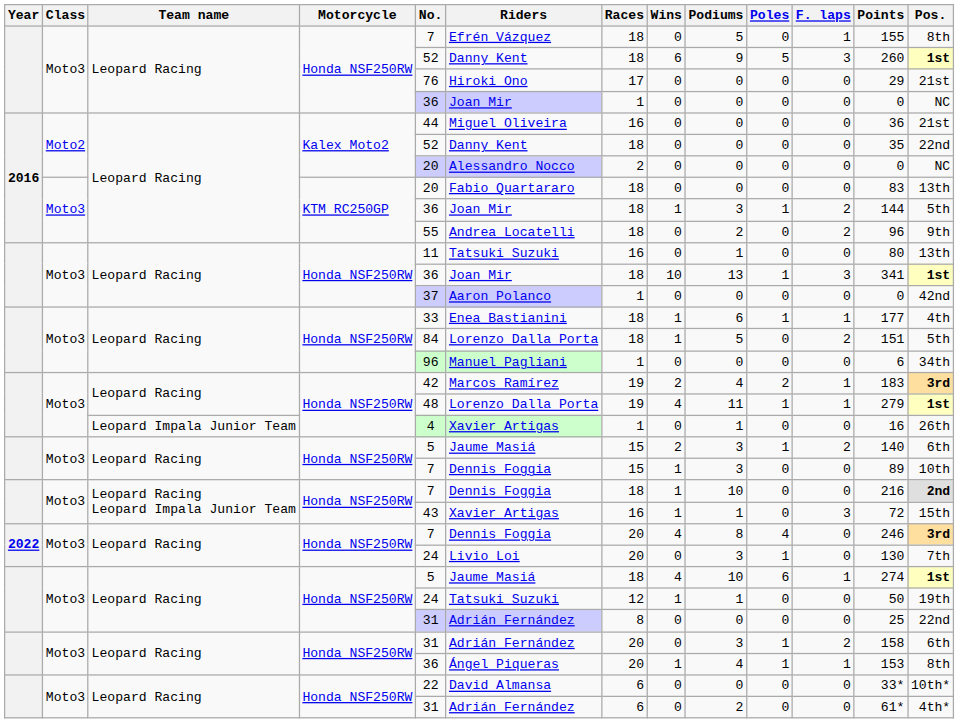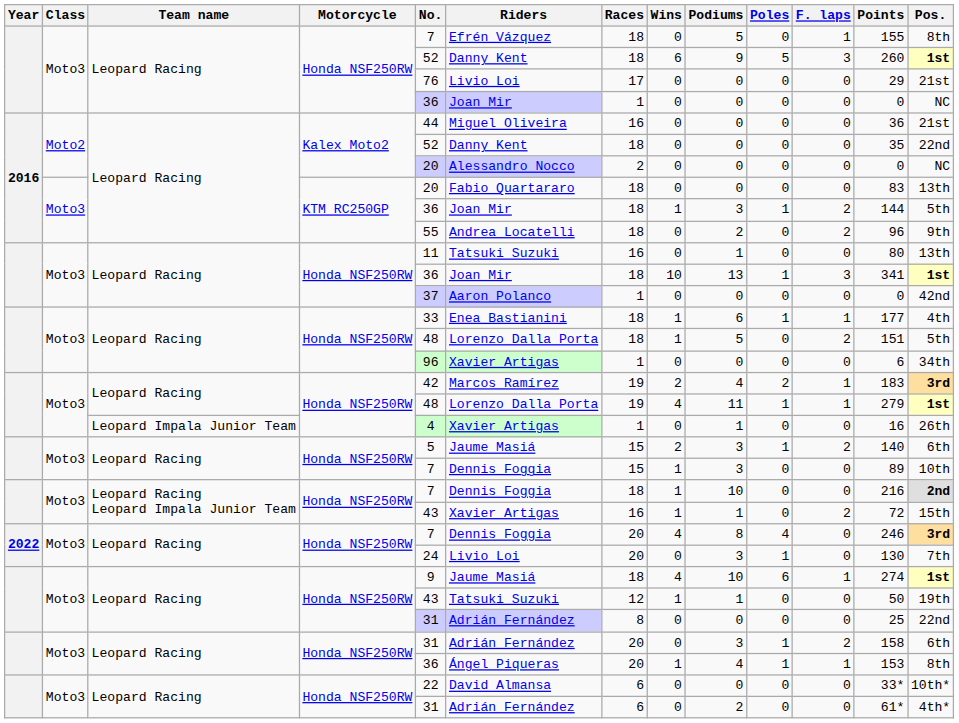 <table class="wikitable" style="text-align:right; font-size:80%;">
 <tr>
 <th scope="col">Year</th>
 <th scope="col">Class</th>
 <th scope="col">Team name</th>
 <th scope="col">Motorcycle</th>
 <th scope="col">No.</th>
 <th scope="col">Riders</th>
 <th scope="col">Races</th>
 <th scope="col">Wins</th>
 <th scope="col">Podiums</th>
 <th scope="col"><a href='#'>Poles</a></th>
 <th scope="col"><a href='#'>F. laps</a></th>
 <th scope="col">Points</th>
 <th scope="col">Pos.</th>
 </tr>
 <tr>
 <th scope="row" rowspan="4"></th>
 <td style="text-align:left;" rowspan="4">Moto3</td>
 <td style="text-align:left;" rowspan="4">Leopard Racing</td>
 <td style="text-align:left;" rowspan="4"><a href='#'>Honda NSF250RW</a></td>
 <td style="text-align:center;">7</td>
 <td style="text-align:left;"> <a href='#'>Efrén Vázquez</a></td>
 <td>18</td>
 <td>0</td>
 <td>5</td>
 <td>0</td>
 <td>1</td>
 <td>155</td>
 <td>8th</td>
 </tr>
 <tr>
 <td style="text-align:center;">52</td>
 <td style="text-align:left;"> <a href='#'>Danny Kent</a></td>
 <td>18</td>
 <td>6</td>
 <td>9</td>
 <td>5</td>
 <td>3</td>
 <td>260</td>
 <td style="background:#FFFFBF;"><strong>1st</strong></td>
 </tr>
 <tr>
 <td style="text-align:center;">76</td>
-<td style="text-align:left;"> <a href='#'>Hiroki Ono</a></td>
+<td style="text-align:left;"> <a href='#'>Livio Loi</a></td>
 <td>17</td>
 <td>0</td>
 <td>0</td>
 <td>0</td>
 <td>0</td>
 <td>29</td>
 <td>21st</td>
 </tr>
 <tr>
 <td style="background:#ccccff; text-align:center;">36</td>
 <td style="background:#ccccff; text-align:left;"> <a href='#'>Joan Mir</a></td>
 <td>1</td>
 <td>0</td>
 <td>0</td>
 <td>0</td>
 <td>0</td>
 <td>0</td>
 <td>NC</td>
 </tr>
 <tr>
 <th scope="row" rowspan="6">2016</th>
 <td style="text-align:left;" rowspan="3"><a href='#'>Moto2</a></td>
 <td style="text-align:left;" rowspan="6">Leopard Racing</td>
 <td style="text-align:left;" rowspan="3"><a href='#'>Kalex Moto2</a></td>
 <td style="text-align:center;">44</td>
 <td style="text-align:left;"> <a href='#'>Miguel Oliveira</a></td>
 <td>16</td>
 <td>0</td>
 <td>0</td>
 <td>0</td>
 <td>0</td>
 <td>36</td>
 <td>21st</td>
 </tr>
 <tr>
 <td style="text-align:center;">52</td>
 <td style="text-align:left;"> <a href='#'>Danny Kent</a></td>
 <td>18</td>
 <td>0</td>
 <td>0</td>
 <td>0</td>
 <td>0</td>
 <td>35</td>
 <td>22nd</td>
 </tr>
 <tr>
 <td style="background:#ccccff; text-align:center;">20</td>
 <td style="background:#ccccff; text-align:left;"> <a href='#'>Alessandro Nocco</a></td>
 <td>2</td>
 <td>0</td>
 <td>0</td>
 <td>0</td>
 <td>0</td>
 <td>0</td>
 <td>NC</td>
 </tr>
 <tr>
 <td style="text-align:left;" rowspan="3"><a href='#'>Moto3</a></td>
 <td style="text-align:left;" rowspan="3"><a href='#'>KTM RC250GP</a></td>
 <td style="text-align:center;">20</td>
 <td style="text-align:left;"> <a href='#'>Fabio Quartararo</a></td>
 <td>18</td>
 <td>0</td>
 <td>0</td>
 <td>0</td>
 <td>0</td>
 <td>83</td>
 <td>13th</td>
 </tr>
 <tr>
 <td style="text-align:center;">36</td>
 <td style="text-align:left;"> <a href='#'>Joan Mir</a></td>
 <td>18</td>
 <td>1</td>
 <td>3</td>
 <td>1</td>
 <td>2</td>
 <td>144</td>
 <td>5th</td>
 </tr>
 <tr>
 <td style="text-align:center;">55</td>
 <td style="text-align:left;"> <a href='#'>Andrea Locatelli</a></td>
 <td>18</td>
 <td>0</td>
 <td>2</td>
 <td>0</td>
 <td>2</td>
 <td>96</td>
 <td>9th</td>
 </tr>
 <tr>
 <th scope="row" rowspan="3"></th>
 <td style="text-align:left;" rowspan="3">Moto3</td>
 <td style="text-align:left;" rowspan="3">Leopard Racing</td>
 <td style="text-align:left;" rowspan="3"><a href='#'>Honda NSF250RW</a></td>
 <td style="text-align:center;">11</td>
 <td style="text-align:left;"> <a href='#'>Tatsuki Suzuki</a></td>
 <td>16</td>
 <td>0</td>
 <td>1</td>
 <td>0</td>
 <td>0</td>
 <td>80</td>
 <td>13th</td>
 </tr>
 <tr>
 <td style="text-align:center;">36</td>
 <td style="text-align:left;"> <a href='#'>Joan Mir</a></td>
 <td>18</td>
 <td>10</td>
 <td>13</td>
 <td>1</td>
 <td>3</td>
 <td>341</td>
 <td style="background:#ffffbf;"><strong>1st</strong></td>
 </tr>
 <tr>
 <td style="background:#ccccff; text-align:center;">37</td>
 <td style="background:#ccccff; text-align:left;"> <a href='#'>Aaron Polanco</a></td>
 <td>1</td>
 <td>0</td>
 <td>0</td>
 <td>0</td>
 <td>0</td>
 <td>0</td>
 <td>42nd</td>
 </tr>
 <tr>
 <th scope="row" rowspan="3"></th>
 <td style="text-align:left;" rowspan="3">Moto3</td>
 <td style="text-align:left;" rowspan="3">Leopard Racing</td>
 <td style="text-align:left;" rowspan="3"><a href='#'>Honda NSF250RW</a></td>
 <td style="text-align:center;">33</td>
 <td style="text-align:left;"> <a href='#'>Enea Bastianini</a></td>
 <td>18</td>
 <td>1</td>
 <td>6</td>
 <td>1</td>
 <td>1</td>
 <td>177</td>
 <td>4th</td>
 </tr>
 <tr>
-<td style="text-align:center;">84</td>
+<td style="text-align:center;">48</td>
 <td style="text-align:left;"> <a href='#'>Lorenzo Dalla Porta</a></td>
 <td>18</td>
 <td>1</td>
 <td>5</td>
 <td>0</td>
 <td>2</td>
 <td>151</td>
 <td>5th</td>
 </tr>
 <tr>
 <td style="background:#ccffcc; text-align:center;">96</td>
-<td style="background:#ccffcc; text-align:left;"> <a href='#'>Manuel Pagliani</a></td>
+<td style="background:#ccffcc; text-align:left;"> <a href='#'>Xavier Artigas</a></td>
 <td>1</td>
 <td>0</td>
 <td>0</td>
 <td>0</td>
 <td>0</td>
 <td>6</td>
 <td>34th</td>
 </tr>
 <tr>
 <th scope="row" rowspan="3"></th>
 <td style="text-align:left;" rowspan="3">Moto3</td>
 <td style="text-align:left;" rowspan="2">Leopard Racing</td>
 <td style="text-align:left;" rowspan="3"><a href='#'>Honda NSF250RW</a></td>
 <td style="text-align:center;">42</td>
 <td style="text-align:left;"> <a href='#'>Marcos Ramírez</a></td>
 <td>19</td>
 <td>2</td>
 <td>4</td>
 <td>2</td>
 <td>1</td>
 <td>183</td>
 <td style="background:#ffdf9f;"><strong>3rd</strong></td>
 </tr>
 <tr>
 <td style="text-align:center;">48</td>
 <td style="text-align:left;"> <a href='#'>Lorenzo Dalla Porta</a></td>
 <td>19</td>
 <td>4</td>
 <td>11</td>
 <td>1</td>
 <td>1</td>
 <td>279</td>
 <td style="background:#ffffbf;"><strong>1st</strong></td>
 </tr>
 <tr>
 <td style="text-align:left;">Leopard Impala Junior Team</td>
 <td style="background:#ccffcc; text-align:center;">4</td>
 <td style="background:#ccffcc; text-align:left;"> <a href='#'>Xavier Artigas</a></td>
 <td>1</td>
 <td>0</td>
 <td>1</td>
 <td>0</td>
 <td>0</td>
 <td>16</td>
 <td>26th</td>
 </tr>
 <tr>
 <th scope="row" rowspan="2"></th>
 <td style="text-align:left;" rowspan="2">Moto3</td>
 <td style="text-align:left;" rowspan="2">Leopard Racing</td>
 <td style="text-align:left;" rowspan="2"><a href='#'>Honda NSF250RW</a></td>
 <td style="text-align:center;">5</td>
 <td style="text-align:left;"> <a href='#'>Jaume Masiá</a></td>
 <td>15</td>
 <td>2</td>
 <td>3</td>
 <td>1</td>
 <td>2</td>
 <td>140</td>
 <td>6th</td>
 </tr>
 <tr>
 <td style="text-align:center;">7</td>
 <td style="text-align:left;"> <a href='#'>Dennis Foggia</a></td>
 <td>15</td>
 <td>1</td>
 <td>3</td>
 <td>0</td>
 <td>0</td>
 <td>89</td>
 <td>10th</td>
 </tr>
 <tr>
 <th scope="row" rowspan="2"></th>
 <td style="text-align:left;" rowspan="2">Moto3</td>
 <td style="text-align:left;" rowspan="2">Leopard Racing<br>Leopard Impala Junior Team</td>
 <td style="text-align:left;" rowspan="2"><a href='#'>Honda NSF250RW</a></td>
 <td style="text-align:center;">7</td>
 <td style="text-align:left;"> <a href='#'>Dennis Foggia</a></td>
 <td>18</td>
 <td>1</td>
 <td>10</td>
 <td>0</td>
 <td>0</td>
 <td>216</td>
 <td style="background:#dfdfdf;"><strong>2nd</strong></td>
 </tr>
 <tr>
 <td style="text-align:center;">43</td>
 <td style="text-align:left;"> <a href='#'>Xavier Artigas</a></td>
 <td>16</td>
 <td>1</td>
 <td>1</td>
 <td>0</td>
-<td>3</td>
+<td>2</td>
 <td>72</td>
 <td>15th</td>
 </tr>
 <tr>
 <th scope="row" rowspan="2"><a href='#'>2022</a></th>
 <td style="text-align:left;" rowspan="2">Moto3</td>
 <td style="text-align:left;" rowspan="2">Leopard Racing</td>
 <td style="text-align:left;" rowspan="2"><a href='#'>Honda NSF250RW</a></td>
 <td style="text-align:center;">7</td>
 <td style="text-align:left;"> <a href='#'>Dennis Foggia</a></td>
 <td>20</td>
 <td>4</td>
 <td>8</td>
 <td>4</td>
 <td>0</td>
 <td>246</td>
 <td style="background:#ffdf9f;"><strong>3rd</strong></td>
 </tr>
 <tr>
 <td style="text-align:center;">24</td>
 <td style="text-align:left;"> <a href='#'>Livio Loi</a></td>
 <td>20</td>
 <td>0</td>
 <td>3</td>
 <td>1</td>
 <td>0</td>
 <td>130</td>
 <td>7th</td>
 </tr>
 <tr>
 <th scope="row" rowspan="3"></th>
 <td style="text-align:left;" rowspan="3">Moto3</td>
 <td style="text-align:left;" rowspan="3">Leopard Racing</td>
 <td style="text-align:left;" rowspan="3"><a href='#'>Honda NSF250RW</a></td>
-<td style="text-align:center;">5</td>
+<td style="text-align:center;">9</td>
 <td style="text-align:left;"> <a href='#'>Jaume Masiá</a></td>
 <td>18</td>
 <td>4</td>
 <td>10</td>
 <td>6</td>
 <td>1</td>
 <td>274</td>
 <td style="background:#FFFFBF;"><strong>1st</strong></td>
 </tr>
 <tr>
-<td style="text-align:center;">24</td>
+<td style="text-align:center;">43</td>
 <td style="text-align:left;"> <a href='#'>Tatsuki Suzuki</a></td>
 <td>12</td>
 <td>1</td>
 <td>1</td>
 <td>0</td>
 <td>0</td>
 <td>50</td>
 <td>19th</td>
 </tr>
 <tr>
 <td style="background:#ccccff; text-align:center;">31</td>
 <td style="background:#ccccff; text-align:left;"> <a href='#'>Adrián Fernández</a></td>
 <td>8</td>
 <td>0</td>
 <td>0</td>
 <td>0</td>
 <td>0</td>
 <td>25</td>
 <td>22nd</td>
 </tr>
 <tr>
 <th scope="row" rowspan="2"></th>
 <td style="text-align:left;" rowspan="2">Moto3</td>
 <td style="text-align:left;" rowspan="2">Leopard Racing</td>
 <td style="text-align:left;" rowspan="2"><a href='#'>Honda NSF250RW</a></td>
 <td style="text-align:center;">31</td>
 <td style="text-align:left;"> <a href='#'>Adrián Fernández</a></td>
 <td>20</td>
 <td>0</td>
 <td>3</td>
 <td>1</td>
 <td>2</td>
 <td>158</td>
 <td>6th</td>
 </tr>
 <tr>
 <td style="text-align:center;">36</td>
 <td style="text-align:left;"> <a href='#'>Ángel Piqueras</a></td>
 <td>20</td>
 <td>1</td>
 <td>4</td>
 <td>1</td>
 <td>1</td>
 <td>153</td>
 <td>8th</td>
 </tr>
 <tr>
 <th scope="row" rowspan="2"></th>
 <td style="text-align:left;" rowspan="2">Moto3</td>
 <td style="text-align:left;" rowspan="2">Leopard Racing</td>
 <td style="text-align:left;" rowspan="2"><a href='#'>Honda NSF250RW</a></td>
 <td style="text-align:center;">22</td>
 <td style="text-align:left;"> <a href='#'>David Almansa</a></td>
 <td>6</td>
 <td>0</td>
 <td>0</td>
 <td>0</td>
 <td>0</td>
 <td>33*</td>
 <td>10th*</td>
 </tr>
 <tr>
 <td style="text-align:center;">31</td>
 <td style="text-align:left;"> <a href='#'>Adrián Fernández</a></td>
 <td>6</td>
 <td>0</td>
 <td>2</td>
 <td>0</td>
 <td>0</td>
 <td>61*</td>
 <td style="background:#;">4th*</td>
 </tr>
 </table>
